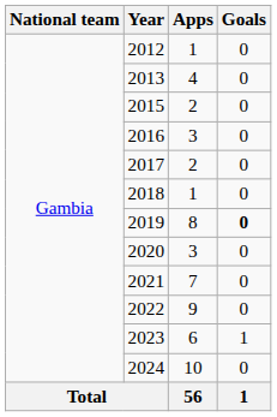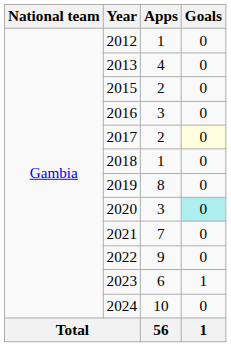 <table class="wikitable" style="text-align:center">
 <tr>
 <th>National team</th>
 <th>Year</th>
 <th>Apps</th>
 <th>Goals</th>
 </tr>
 <tr>
 <td rowspan="12"><a href='#'>Gambia</a></td>
 <td>2012</td>
 <td>1</td>
 <td>0</td>
 </tr>
 <tr>
 <td>2013</td>
 <td>4</td>
 <td>0</td>
 </tr>
 <tr>
 <td>2015</td>
 <td>2</td>
 <td>0</td>
 </tr>
 <tr>
 <td>2016</td>
 <td>3</td>
 <td>0</td>
 </tr>
 <tr>
 <td>2017</td>
 <td>2</td>
-<td>0</td>
+<td style="background: lightyellow;">0</td>
 </tr>
 <tr>
 <td>2018</td>
 <td>1</td>
 <td>0</td>
 </tr>
 <tr>
 <td>2019</td>
 <td>8</td>
-<td><strong>0</strong></td>
+<td>0</td>
 </tr>
 <tr>
 <td>2020</td>
 <td>3</td>
-<td>0</td>
+<td style="background: paleturquoise;">0</td>
 </tr>
 <tr>
 <td>2021</td>
 <td>7</td>
 <td>0</td>
 </tr>
 <tr>
 <td>2022</td>
 <td>9</td>
 <td>0</td>
 </tr>
 <tr>
 <td>2023</td>
 <td>6</td>
 <td>1</td>
 </tr>
 <tr>
 <td>2024</td>
 <td>10</td>
 <td>0</td>
 </tr>
 <tr>
 <th colspan="2">Total</th>
 <th>56</th>
 <th>1</th>
 </tr>
 </table>
